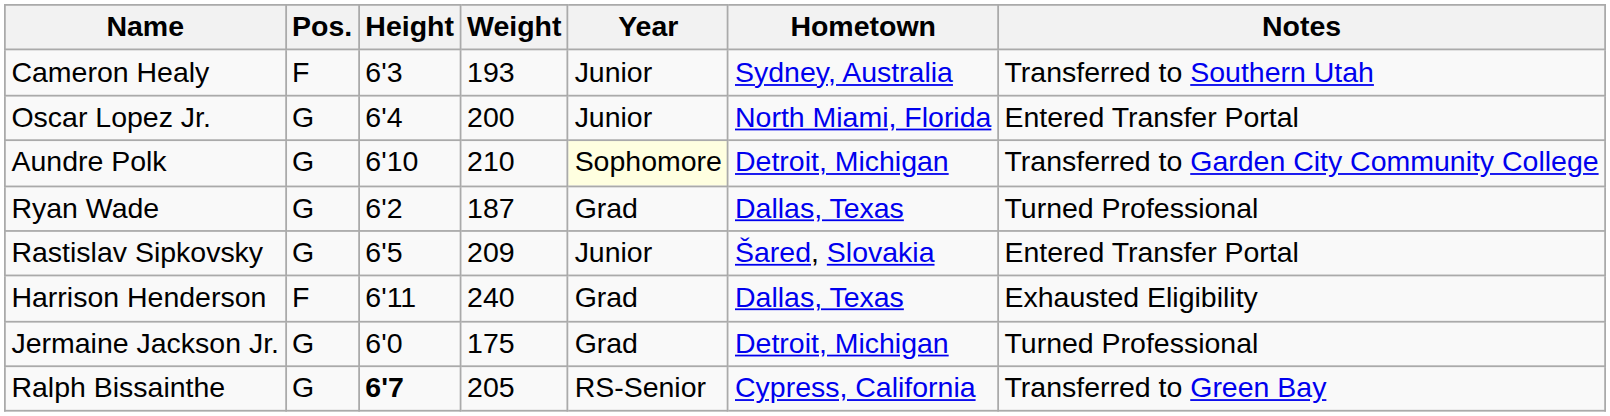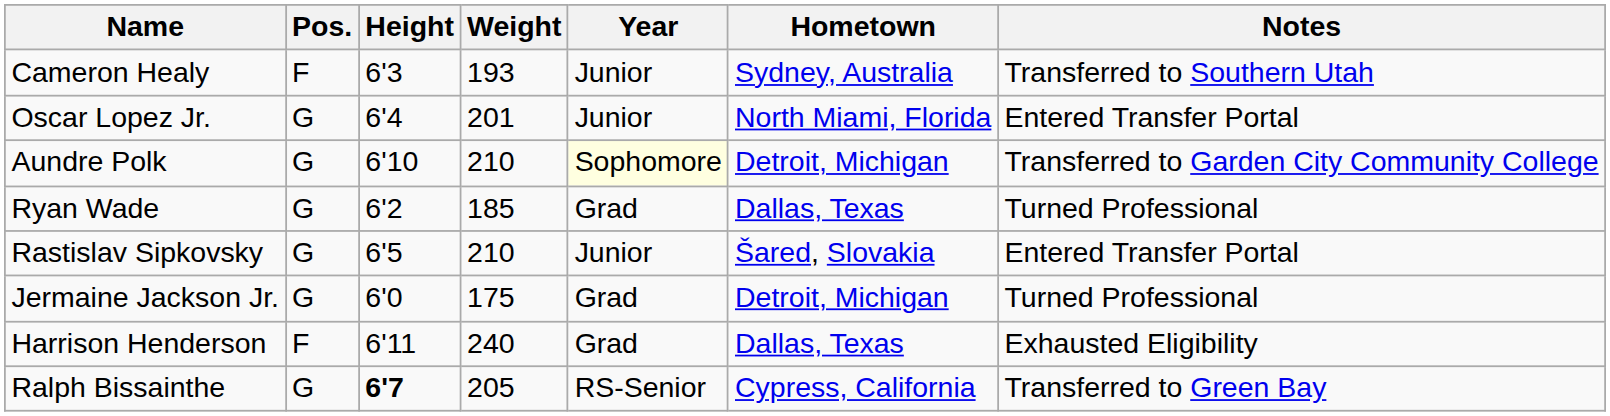 <table class="wikitable sortable" border="1">
 <tr align=center>
 <th>Name</th>
 <th>Pos.</th>
 <th>Height</th>
 <th>Weight</th>
 <th>Year</th>
 <th>Hometown</th>
 <th>Notes</th>
 </tr>
 <tr>
 <td>Cameron Healy</td>
 <td>F</td>
 <td>6'3</td>
 <td>193</td>
 <td>Junior</td>
 <td><a href='#'>Sydney, Australia</a></td>
 <td>Transferred to <a href='#'>Southern Utah</a></td>
 </tr>
 <tr>
 <td>Oscar Lopez Jr.</td>
 <td>G</td>
 <td>6'4</td>
-<td>200</td>
+<td>201</td>
 <td>Junior</td>
 <td><a href='#'>North Miami, Florida</a></td>
 <td>Entered Transfer Portal</td>
 </tr>
 <tr>
 <td>Aundre Polk</td>
 <td>G</td>
 <td>6'10</td>
 <td>210</td>
 <td style="background: lightyellow;">Sophomore</td>
 <td><a href='#'>Detroit, Michigan</a></td>
 <td>Transferred to <a href='#'>Garden City Community College</a></td>
 </tr>
 <tr>
 <td>Ryan Wade</td>
 <td>G</td>
 <td>6'2</td>
-<td>187</td>
+<td>185</td>
 <td>Grad</td>
 <td><a href='#'>Dallas, Texas</a></td>
 <td>Turned Professional</td>
 </tr>
 <tr>
 <td>Rastislav Sipkovsky</td>
 <td>G</td>
 <td>6'5</td>
-<td>209</td>
+<td>210</td>
 <td>Junior</td>
 <td><a href='#'>Šared</a>, <a href='#'>Slovakia</a></td>
 <td>Entered Transfer Portal</td>
+</tr>
+<tr>
+<td>Jermaine Jackson Jr.</td>
+<td>G</td>
+<td>6'0</td>
+<td>175</td>
+<td>Grad</td>
+<td><a href='#'>Detroit, Michigan</a></td>
+<td>Turned Professional</td>
 </tr>
 <tr>
 <td>Harrison Henderson</td>
 <td>F</td>
 <td>6'11</td>
 <td>240</td>
 <td>Grad</td>
 <td><a href='#'>Dallas, Texas</a></td>
 <td>Exhausted Eligibility</td>
 </tr>
 <tr>
-<td>Jermaine Jackson Jr.</td>
-<td>G</td>
-<td>6'0</td>
-<td>175</td>
-<td>Grad</td>
-<td><a href='#'>Detroit, Michigan</a></td>
-<td>Turned Professional</td>
-</tr>
-<tr>
 <td>Ralph Bissainthe</td>
 <td>G</td>
 <td><strong>6'7</strong></td>
 <td>205</td>
 <td>RS-Senior</td>
 <td><a href='#'>Cypress, California</a></td>
 <td>Transferred to <a href='#'>Green Bay</a></td>
 </tr>
 </table>
